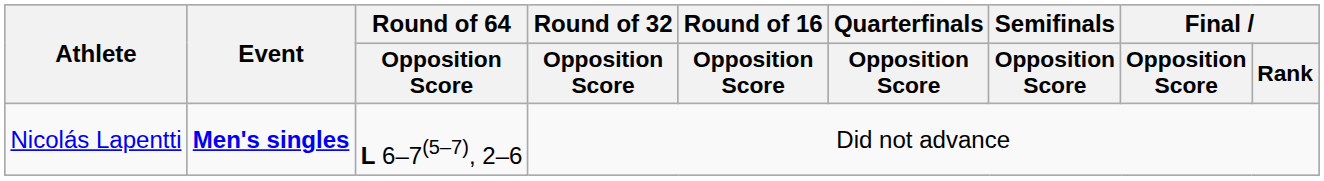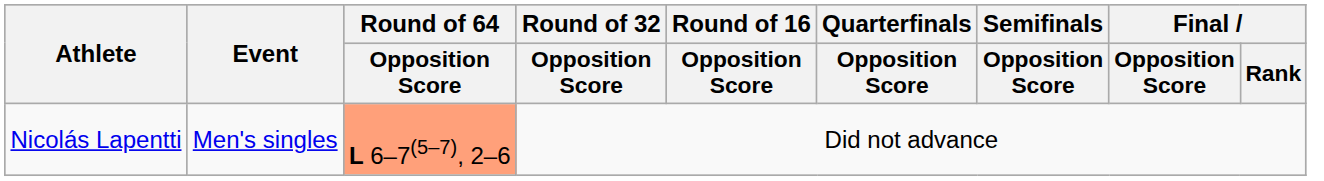 <table class=wikitable style="font-size:90%">
 <tr>
 <th rowspan="2">Athlete</th>
 <th rowspan="2">Event</th>
 <th>Round of 64</th>
 <th>Round of 32</th>
 <th>Round of 16</th>
 <th>Quarterfinals</th>
 <th>Semifinals</th>
 <th colspan=2>Final / </th>
 </tr>
 <tr style="font-size:95%">
 <th>Opposition<br>Score</th>
 <th>Opposition<br>Score</th>
 <th>Opposition<br>Score</th>
 <th>Opposition<br>Score</th>
 <th>Opposition<br>Score</th>
 <th>Opposition<br>Score</th>
 <th>Rank</th>
 </tr>
 <tr align=center>
 <td align=left><a href='#'>Nicolás Lapentti</a></td>
-<td align=left><strong><a href='#'>Men's singles</a></strong></td>
-<td><br><strong>L</strong> 6–7<sup>(5–7)</sup>, 2–6</td>
+<td align=left><a href='#'>Men's singles</a></td>
+<td style="background: lightsalmon;"><br><strong>L</strong> 6–7<sup>(5–7)</sup>, 2–6</td>
 <td colspan=6>Did not advance</td>
 </tr>
 </table>
